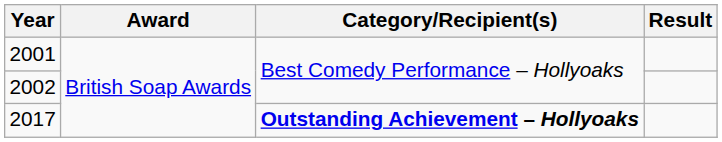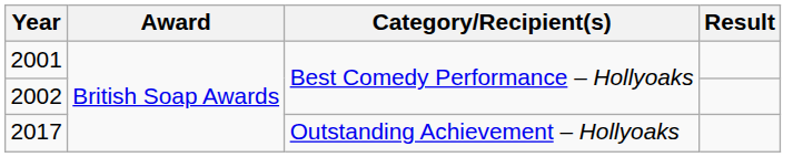 <table class="wikitable">
 <tr>
 <th>Year</th>
 <th>Award</th>
 <th>Category/Recipient(s)</th>
 <th>Result</th>
 </tr>
 <tr>
 <td>2001</td>
 <td rowspan=3><a href='#'>British Soap Awards</a></td>
 <td rowspan=2><a href='#'>Best Comedy Performance</a> – <em>Hollyoaks</em></td>
 <td></td>
 </tr>
 <tr>
 <td>2002</td>
 <td></td>
 </tr>
 <tr>
 <td>2017</td>
-<td><strong><a href='#'>Outstanding Achievement</a> – <em>Hollyoaks</em></strong></td>
+<td><a href='#'>Outstanding Achievement</a> – <em>Hollyoaks</em></td>
 <td></td>
 </tr>
 </table>
